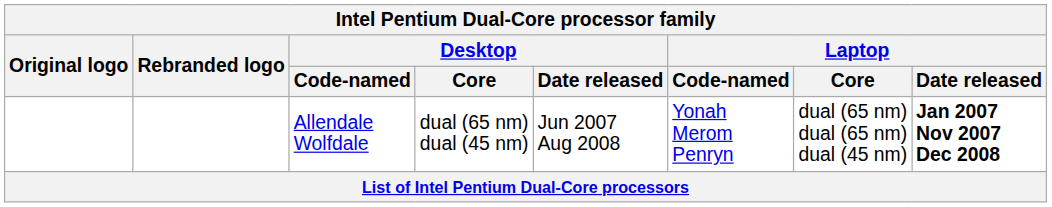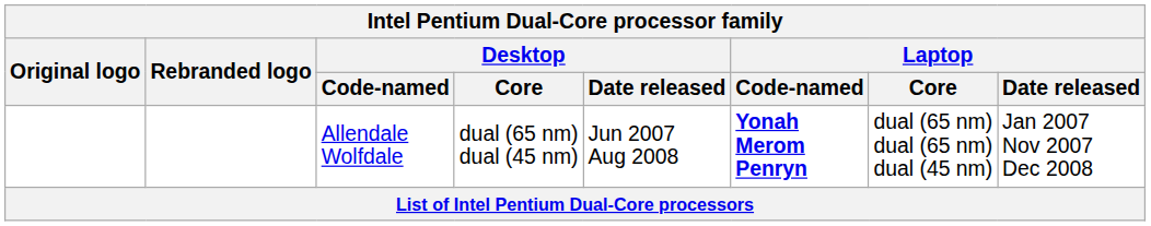 <table class="wikitable">
 <tr>
 <th colspan="8">Intel Pentium Dual-Core processor family</th>
 </tr>
 <tr>
 <th rowspan="2">Original logo</th>
 <th rowspan="2">Rebranded logo</th>
 <th colspan="3"><a href='#'>Desktop</a></th>
 <th colspan="3"><a href='#'>Laptop</a></th>
 </tr>
 <tr>
 <th>Code-named</th>
 <th>Core</th>
 <th>Date released</th>
 <th>Code-named</th>
 <th>Core</th>
 <th>Date released</th>
 </tr>
 <tr style="background:white">
 <td></td>
 <td></td>
 <td><a href='#'>Allendale</a><br><a href='#'>Wolfdale</a></td>
 <td>dual (65 nm)<br>dual (45 nm)</td>
 <td>Jun 2007<br>Aug 2008</td>
-<td><a href='#'>Yonah</a><br><a href='#'>Merom</a><br><a href='#'>Penryn</a></td>
+<td><strong><a href='#'>Yonah</a><br><a href='#'>Merom</a><br><a href='#'>Penryn</a></strong></td>
 <td>dual (65 nm)<br>dual (65 nm)<br>dual (45 nm)</td>
-<td><strong>Jan 2007<br>Nov 2007<br>Dec 2008</strong></td>
+<td>Jan 2007<br>Nov 2007<br>Dec 2008</td>
 </tr>
 <tr>
 <th colspan="8"><small><a href='#'>List of Intel Pentium Dual-Core processors</a></small></th>
 </tr>
 </table>
